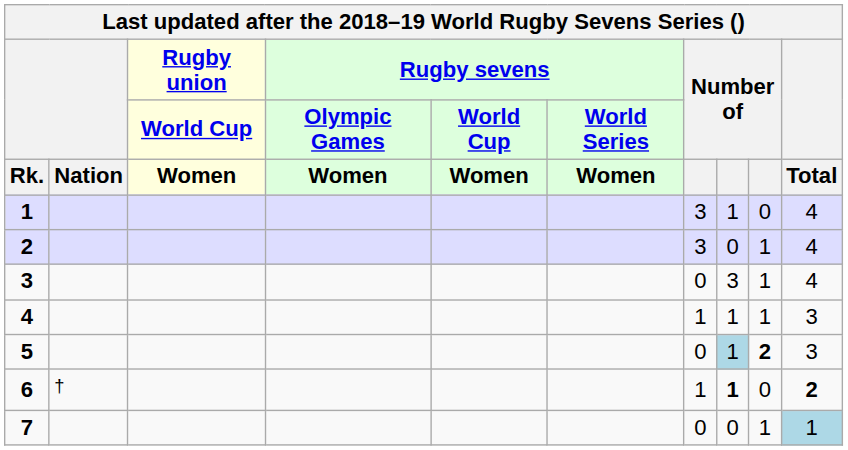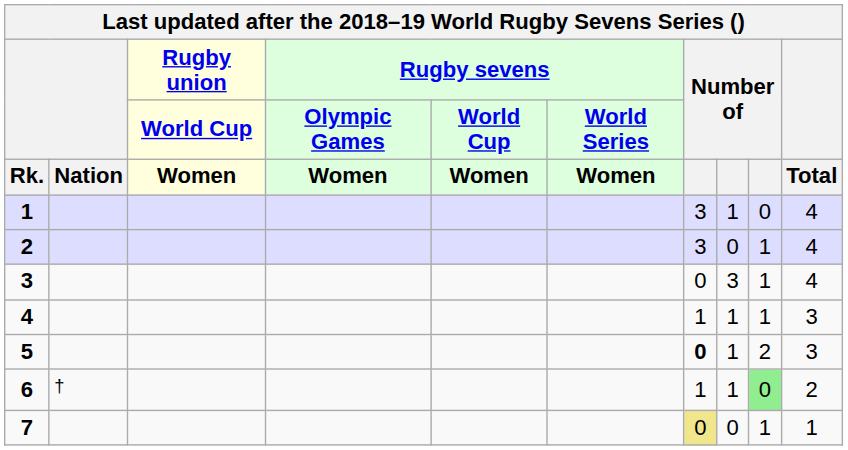 <table class="wikitable" style="margin-top: 0em; text-align: center; font-size: 100%;">
 <tr>
 <th colspan="10">Last updated after the 2018–19 World Rugby Sevens Series ()</th>
 </tr>
 <tr>
 <th rowspan="2" colspan="2"></th>
 <th style="background: #ffd;"><a href='#'>Rugby union</a></th>
 <th colspan="3" style="background: #dfd;"><a href='#'>Rugby sevens</a></th>
 <th rowspan="2" colspan="3">Number of</th>
 <th rowspan="2"></th>
 </tr>
 <tr>
 <th style="background: #ffd;"><a href='#'>World Cup</a></th>
 <th style="background: #dfd;"><a href='#'>Olympic Games</a></th>
 <th style="background: #dfd;"><a href='#'>World Cup</a></th>
 <th style="background: #dfd;"><a href='#'>World Series</a></th>
 </tr>
 <tr>
 <th style="width: 1em;">Rk.</th>
 <th>Nation</th>
 <th style="background: #ffd;">Women</th>
 <th style="background: #dfd;">Women</th>
 <th style="background: #dfd;">Women</th>
 <th style="background: #dfd;">Women</th>
 <th style="width: 1em;"></th>
 <th style="width: 1em;"></th>
 <th style="width: 1em;"></th>
 <th style="width: 1em;">Total</th>
 </tr>
 <tr style="background: #ddf;">
 <td><strong>1</strong></td>
 <td style="text-align: left;"></td>
 <td></td>
 <td></td>
 <td></td>
 <td></td>
 <td>3</td>
 <td>1</td>
 <td>0</td>
 <td>4</td>
 </tr>
 <tr style="background: #ddf;">
 <td><strong>2</strong></td>
 <td style="text-align: left;"></td>
 <td></td>
 <td></td>
 <td></td>
 <td></td>
 <td>3</td>
 <td>0</td>
 <td>1</td>
 <td>4</td>
 </tr>
 <tr>
 <td><strong>3</strong></td>
 <td style="text-align: left;"></td>
 <td></td>
 <td></td>
 <td></td>
 <td></td>
 <td>0</td>
 <td>3</td>
 <td>1</td>
 <td>4</td>
 </tr>
 <tr>
 <td><strong>4</strong></td>
 <td style="text-align: left;"></td>
 <td></td>
 <td></td>
 <td></td>
 <td></td>
 <td>1</td>
 <td>1</td>
 <td>1</td>
 <td>3</td>
 </tr>
 <tr>
 <td><strong>5</strong></td>
 <td style="text-align: left;"></td>
 <td></td>
 <td></td>
 <td></td>
 <td></td>
-<td>0</td>
-<td style="background: lightblue;">1</td>
-<td><strong>2</strong></td>
+<td><strong>0</strong></td>
+<td>1</td>
+<td>2</td>
 <td>3</td>
 </tr>
 <tr>
 <td><strong>6</strong></td>
 <td style="text-align: left;"><sup>†</sup></td>
 <td></td>
 <td></td>
 <td></td>
 <td></td>
 <td>1</td>
-<td><strong>1</strong></td>
-<td>0</td>
-<td><strong>2</strong></td>
+<td>1</td>
+<td style="background: lightgreen;">0</td>
+<td>2</td>
 </tr>
 <tr>
 <td><strong>7</strong></td>
 <td style="text-align: left;"></td>
 <td></td>
 <td></td>
 <td></td>
 <td></td>
-<td>0</td>
+<td style="background: khaki;">0</td>
 <td>0</td>
 <td>1</td>
-<td style="background: lightblue;">1</td>
+<td>1</td>
 </tr>
 </table>
